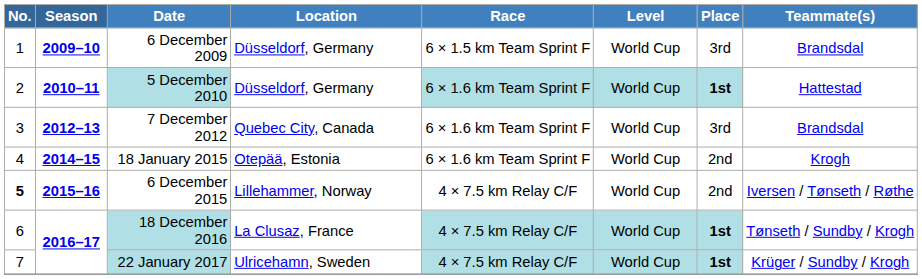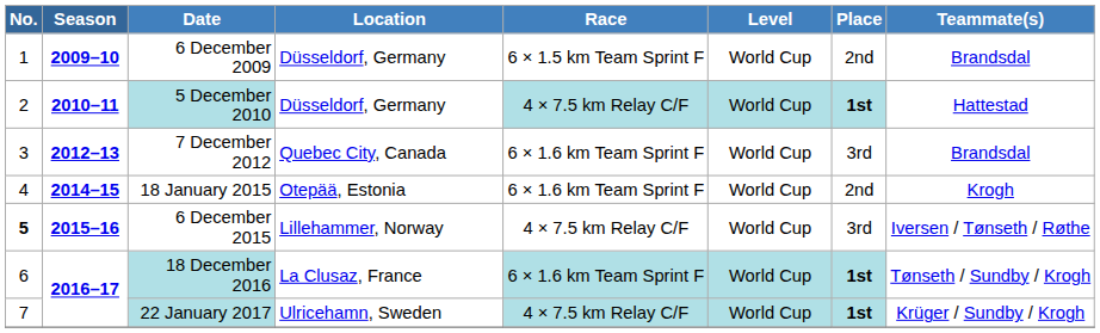 <table class="wikitable sortable" style="font-size:95%; text-align:center; border:grey solid 1px; border-collapse:collapse; background:#ffffff;">
 <tr style="background:#efefef;">
 <th style="background-color:#369; color:white;">No.</th>
 <th style="background-color:#369; color:white;">Season</th>
 <th style="background-color:#4180be; color:white; width:120px;">Date</th>
 <th style="background-color:#4180be; color:white; width:190px;">Location</th>
 <th style="background-color:#4180be; color:white; width:170px;">Race</th>
 <th style="background-color:#4180be; color:white; width:100px;">Level</th>
 <th style="background-color:#4180be; color:white;">Place</th>
 <th style="background-color:#4180be; color:white;">Teammate(s)</th>
 </tr>
 <tr>
 <td align=center>1</td>
 <td rowspan=1 align=center><strong> <a href='#'>2009–10</a> </strong></td>
 <td align=right>6 December 2009</td>
 <td align=left> <a href='#'>Düsseldorf</a>, Germany</td>
 <td>6 × 1.5 km Team Sprint F</td>
 <td>World Cup</td>
-<td>3rd</td>
+<td>2nd</td>
 <td><a href='#'>Brandsdal</a></td>
 </tr>
 <tr>
 <td align=center>2</td>
 <td rowspan=1 align=center><strong><a href='#'>2010–11</a></strong></td>
 <td bgcolor="#BOEOE6" align=right>5 December 2010</td>
 <td align=left> <a href='#'>Düsseldorf</a>, Germany</td>
-<td bgcolor="#BOEOE6">6 × 1.6 km Team Sprint F</td>
+<td bgcolor="#BOEOE6">4 × 7.5 km Relay C/F</td>
 <td bgcolor="#BOEOE6">World Cup</td>
 <td bgcolor="#BOEOE6"><strong>1st</strong></td>
 <td><a href='#'>Hattestad</a></td>
 </tr>
 <tr>
 <td align=center>3</td>
 <td rowspan=1 align=center><strong> <a href='#'>2012–13</a> </strong></td>
 <td align=right>7 December 2012</td>
 <td align=left> <a href='#'>Quebec City</a>, Canada</td>
 <td>6 × 1.6 km Team Sprint F</td>
 <td>World Cup</td>
 <td>3rd</td>
 <td><a href='#'>Brandsdal</a></td>
 </tr>
 <tr>
 <td align=center>4</td>
 <td rowspan=1 align=center><strong> <a href='#'>2014–15</a> </strong></td>
 <td align=right>18 January 2015</td>
 <td align=left> <a href='#'>Otepää</a>, Estonia</td>
 <td>6 × 1.6 km Team Sprint F</td>
 <td>World Cup</td>
 <td>2nd</td>
 <td><a href='#'>Krogh</a></td>
 </tr>
 <tr>
 <td align=center><strong>5</strong></td>
 <td rowspan=1 align=center><strong> <a href='#'>2015–16</a> </strong></td>
 <td align=right>6 December 2015</td>
 <td align=left> <a href='#'>Lillehammer</a>, Norway</td>
 <td>4 × 7.5 km Relay C/F</td>
 <td>World Cup</td>
-<td>2nd</td>
+<td>3rd</td>
 <td><a href='#'>Iversen</a> / <a href='#'>Tønseth</a> / <a href='#'>Røthe</a></td>
 </tr>
 <tr>
 <td align=center>6</td>
 <td rowspan=2 align=center><strong><a href='#'>2016–17</a></strong></td>
 <td bgcolor="#BOEOE6" align=right>18 December 2016</td>
 <td align=left> <a href='#'>La Clusaz</a>, France</td>
-<td bgcolor="#BOEOE6">4 × 7.5 km Relay C/F</td>
+<td bgcolor="#BOEOE6">6 × 1.6 km Team Sprint F</td>
 <td bgcolor="#BOEOE6">World Cup</td>
 <td bgcolor="#BOEOE6"><strong>1st</strong></td>
 <td><a href='#'>Tønseth</a> / <a href='#'>Sundby</a> / <a href='#'>Krogh</a></td>
 </tr>
 <tr>
 <td align=center>7</td>
 <td bgcolor="#BOEOE6" align=right>22 January 2017</td>
 <td align=left> <a href='#'>Ulricehamn</a>, Sweden</td>
 <td bgcolor="#BOEOE6">4 × 7.5 km Relay C/F</td>
 <td bgcolor="#BOEOE6">World Cup</td>
 <td bgcolor="#BOEOE6"><strong>1st</strong></td>
 <td><a href='#'>Krüger</a> / <a href='#'>Sundby</a> / <a href='#'>Krogh</a></td>
 </tr>
 <tr>
 </tr>
 </table>
